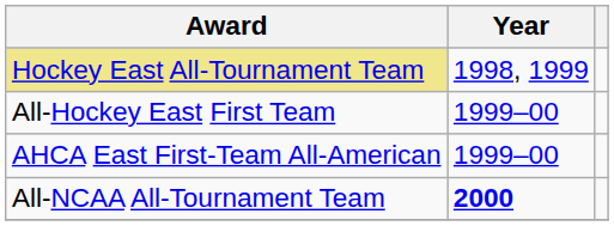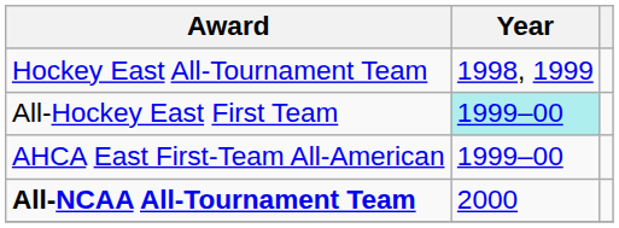 <table class="wikitable">
 <tr>
 <th>Award</th>
 <th>Year</th>
 <th></th>
 </tr>
 <tr>
-<td style="background: khaki;"><a href='#'>Hockey East</a> <a href='#'>All-Tournament Team</a></td>
+<td><a href='#'>Hockey East</a> <a href='#'>All-Tournament Team</a></td>
 <td><a href='#'>1998</a>, <a href='#'>1999</a></td>
 <td></td>
 </tr>
 <tr>
 <td>All-<a href='#'>Hockey East</a> <a href='#'>First Team</a></td>
-<td><a href='#'>1999–00</a></td>
+<td style="background: paleturquoise;"><a href='#'>1999–00</a></td>
 <td></td>
 </tr>
 <tr>
 <td><a href='#'>AHCA</a> <a href='#'>East First-Team All-American</a></td>
 <td><a href='#'>1999–00</a></td>
 <td></td>
 </tr>
 <tr>
-<td>All-<a href='#'>NCAA</a> <a href='#'>All-Tournament Team</a></td>
-<td><strong><a href='#'>2000</a></strong></td>
+<td><strong>All-<a href='#'>NCAA</a> <a href='#'>All-Tournament Team</a></strong></td>
+<td><a href='#'>2000</a></td>
 <td></td>
 </tr>
 <tr>
 </tr>
 </table>
